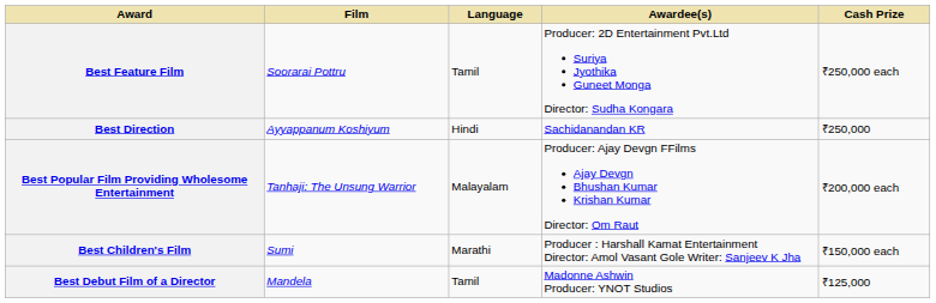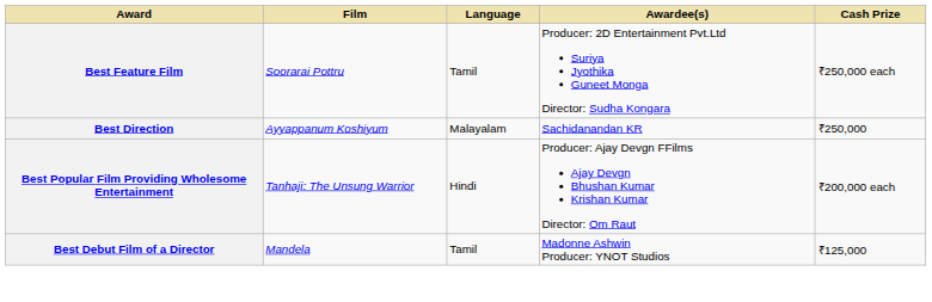 <table class="wikitable plainrowheaders" style="width:100%;">
 <tr>
 <th style="background-color:#EFE4B0;width:28%;">Award</th>
 <th style="background-color:#EFE4B0;width:20%;">Film</th>
 <th style="background-color:#EFE4B0;width:10%;">Language</th>
 <th style="background-color:#EFE4B0;width:30%;">Awardee(s)</th>
 <th style="background-color:#EFE4B0;width:12%;">Cash Prize</th>
 </tr>
 <tr>
 <th ! scope="row"><a href='#'>Best Feature Film</a></th>
 <td><em><a href='#'>Soorarai Pottru</a></em></td>
 <td>Tamil</td>
 <td>Producer: 2D Entertainment Pvt.Ltd<br><ul><li><a href='#'>Suriya</a></li><li><a href='#'>Jyothika</a></li><li><a href='#'>Guneet Monga</a></li></ul>Director: <a href='#'>Sudha Kongara</a></td>
 <td>₹250,000 each</td>
 </tr>
 <tr>
 <th scope="row"><a href='#'>Best Direction</a></th>
 <td><em><a href='#'>Ayyappanum Koshiyum</a></em></td>
-<td>Hindi</td>
+<td>Malayalam</td>
 <td><a href='#'>Sachidanandan KR</a></td>
 <td>₹250,000</td>
 </tr>
 <tr>
 <th scope="row"><a href='#'>Best Popular Film Providing Wholesome Entertainment</a></th>
 <td><em><a href='#'>Tanhaji: The Unsung Warrior</a></em></td>
-<td>Malayalam</td>
+<td>Hindi</td>
 <td>Producer: Ajay Devgn FFilms<br><ul><li><a href='#'>Ajay Devgn</a></li><li><a href='#'>Bhushan Kumar</a></li><li><a href='#'>Krishan Kumar</a></li></ul>Director: <a href='#'>Om Raut</a></td>
 <td>₹200,000 each</td>
-</tr>
-<tr>
-<th scope="row"><a href='#'>Best Children's Film</a></th>
-<td><em><a href='#'>Sumi</a></em></td>
-<td>Marathi</td>
-<td>Producer : Harshall Kamat Entertainment<br>Director:  Amol Vasant Gole Writer: <a href='#'>Sanjeev K Jha</a></td>
-<td>₹150,000 each</td>
 </tr>
 <tr>
 <th scope="row"><a href='#'>Best Debut Film of a Director</a></th>
 <td><em><a href='#'>Mandela</a></em></td>
 <td>Tamil</td>
 <td><a href='#'>Madonne Ashwin</a><br>Producer: YNOT Studios</td>
 <td>₹125,000</td>
 </tr>
 </table>
